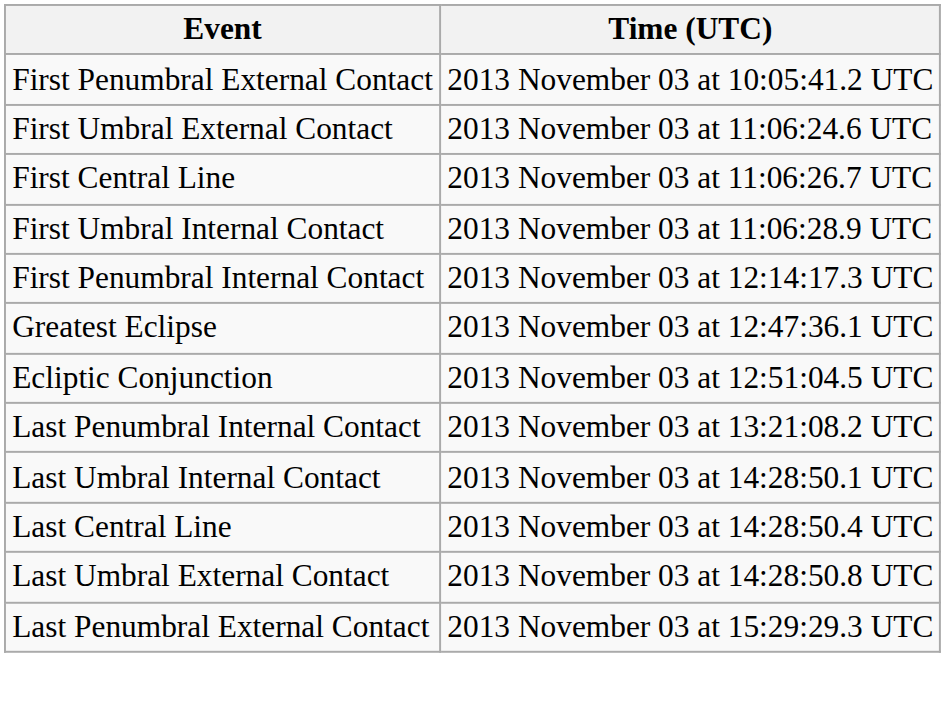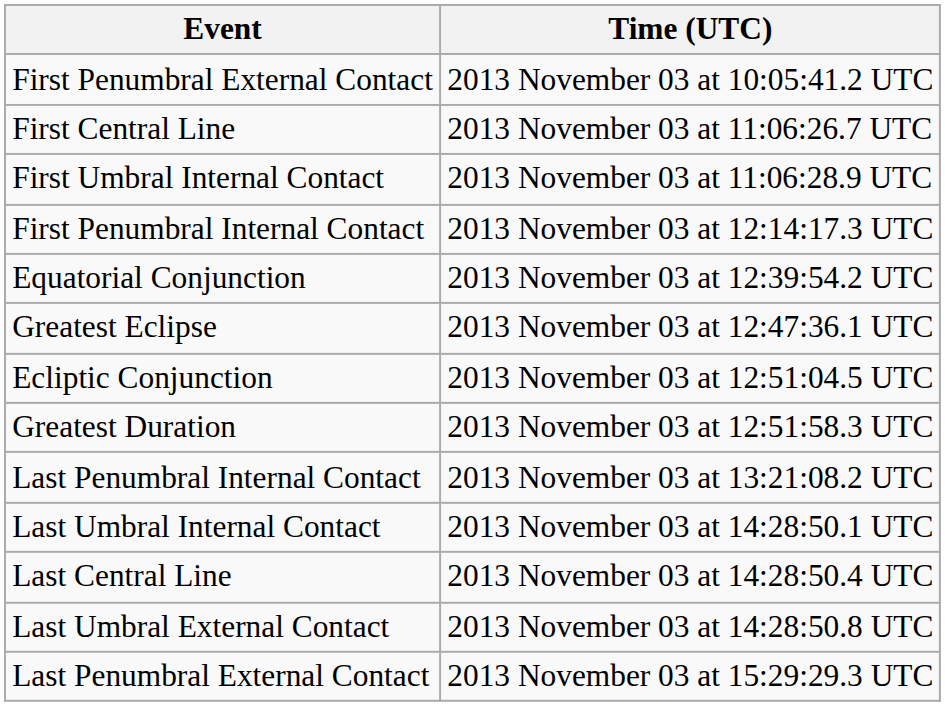 <table class="wikitable">
 <tr>
 <th>Event</th>
 <th>Time (UTC)</th>
 </tr>
 <tr>
 <td>First Penumbral External Contact</td>
 <td>2013 November 03 at 10:05:41.2 UTC</td>
-</tr>
-<tr>
-<td>First Umbral External Contact</td>
-<td>2013 November 03 at 11:06:24.6 UTC</td>
 </tr>
 <tr>
 <td>First Central Line</td>
 <td>2013 November 03 at 11:06:26.7 UTC</td>
 </tr>
 <tr>
 <td>First Umbral Internal Contact</td>
 <td>2013 November 03 at 11:06:28.9 UTC</td>
 </tr>
 <tr>
 <td>First Penumbral Internal Contact</td>
 <td>2013 November 03 at 12:14:17.3 UTC</td>
 </tr>
 <tr>
+<td>Equatorial Conjunction</td>
+<td>2013 November 03 at 12:39:54.2 UTC</td>
+</tr>
+<tr>
 <td>Greatest Eclipse</td>
 <td>2013 November 03 at 12:47:36.1 UTC</td>
 </tr>
 <tr>
 <td>Ecliptic Conjunction</td>
 <td>2013 November 03 at 12:51:04.5 UTC</td>
+</tr>
+<tr>
+<td>Greatest Duration</td>
+<td>2013 November 03 at 12:51:58.3 UTC</td>
 </tr>
 <tr>
 <td>Last Penumbral Internal Contact</td>
 <td>2013 November 03 at 13:21:08.2 UTC</td>
 </tr>
 <tr>
 <td>Last Umbral Internal Contact</td>
 <td>2013 November 03 at 14:28:50.1 UTC</td>
 </tr>
 <tr>
 <td>Last Central Line</td>
 <td>2013 November 03 at 14:28:50.4 UTC</td>
 </tr>
 <tr>
 <td>Last Umbral External Contact</td>
 <td>2013 November 03 at 14:28:50.8 UTC</td>
 </tr>
 <tr>
 <td>Last Penumbral External Contact</td>
 <td>2013 November 03 at 15:29:29.3 UTC</td>
 </tr>
 </table>
